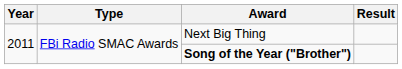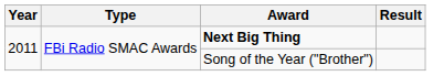 <table class="wikitable">
 <tr>
 <th>Year</th>
 <th>Type</th>
 <th>Award</th>
 <th>Result</th>
 </tr>
 <tr>
 <td rowspan="2">2011</td>
 <td rowspan="2"><a href='#'>FBi Radio</a> SMAC Awards</td>
-<td>Next Big Thing</td>
+<td><strong>Next Big Thing</strong></td>
 <td></td>
 </tr>
 <tr>
-<td><strong>Song of the Year ("Brother")</strong></td>
+<td>Song of the Year ("Brother")</td>
 <td></td>
 </tr>
 </table>
